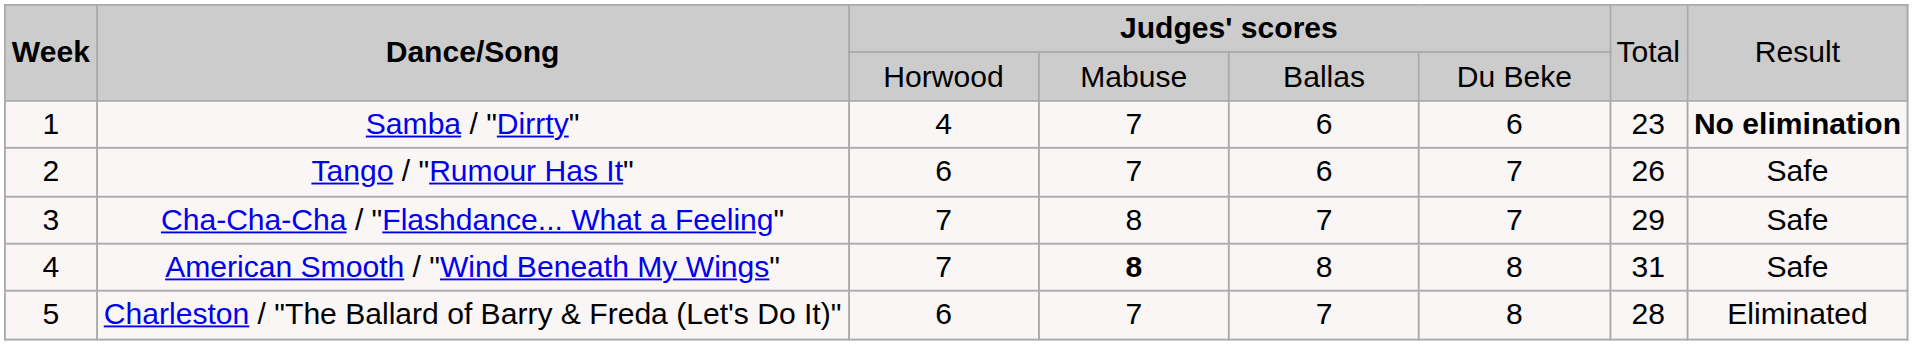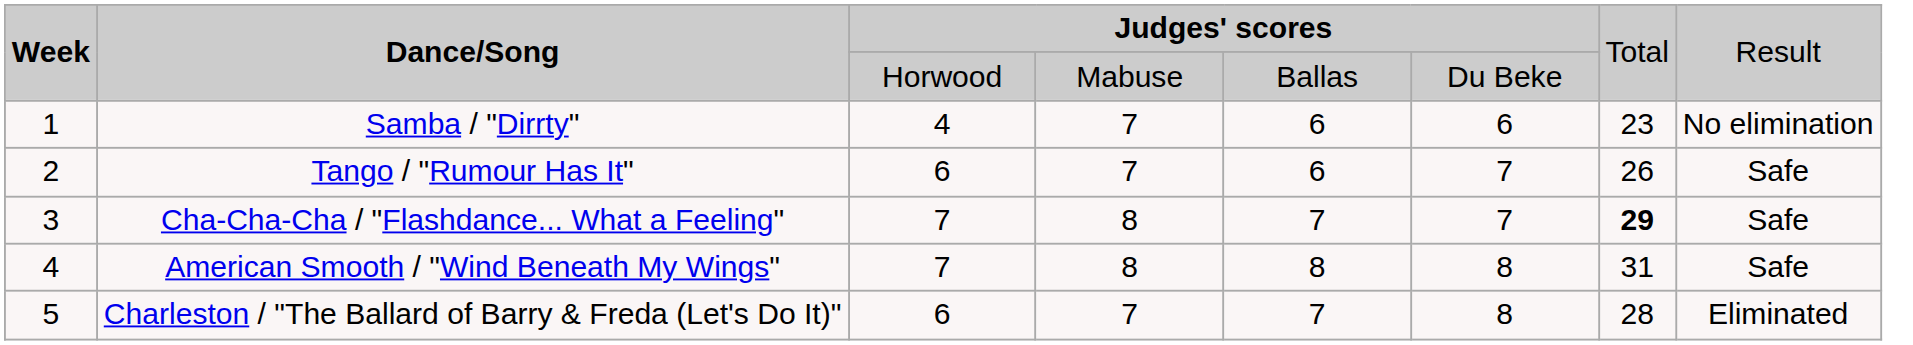 <table | class="wikitable collapsible collapsed">
 <tr style="text-align: center; background:#ccc;">
 <td rowspan="2"><strong>Week </strong></td>
 <td rowspan="2"><strong>Dance/Song</strong></td>
 <td colspan="4"><strong>Judges' scores</strong></td>
 <td rowspan="2">Total</td>
 <td rowspan="2">Result</td>
 </tr>
 <tr style="text-align: center; background:#ccc;">
 <td style="width:10%; ">Horwood</td>
 <td style="width:10%; ">Mabuse</td>
 <td style="width:10%; ">Ballas</td>
 <td style="width:10%; ">Du Beke</td>
 </tr>
 <tr style="text-align: center; background:#faf6f6;">
 <td>1</td>
 <td><a href='#'>Samba</a> / "<a href='#'>Dirrty</a>"</td>
 <td>4</td>
 <td>7</td>
 <td>6</td>
 <td>6</td>
 <td>23</td>
-<td><strong>No elimination</strong></td>
+<td>No elimination</td>
 </tr>
 <tr style="text-align: center; background:#faf6f6;">
 <td>2</td>
 <td><a href='#'>Tango</a> / "<a href='#'>Rumour Has It</a>"</td>
 <td>6</td>
 <td>7</td>
 <td>6</td>
 <td>7</td>
 <td>26</td>
 <td>Safe</td>
 </tr>
 <tr style="text-align: center; background:#faf6f6;">
 <td>3</td>
 <td><a href='#'>Cha-Cha-Cha</a> / "<a href='#'>Flashdance... What a Feeling</a>"</td>
 <td>7</td>
 <td>8</td>
 <td>7</td>
 <td>7</td>
-<td>29</td>
+<td><strong>29</strong></td>
 <td>Safe</td>
 </tr>
 <tr style="text-align: center; background:#faf6f6;">
 <td>4</td>
 <td><a href='#'>American Smooth</a> / "<a href='#'>Wind Beneath My Wings</a>"</td>
 <td>7</td>
-<td><strong>8</strong></td>
+<td>8</td>
 <td>8</td>
 <td>8</td>
 <td>31</td>
 <td>Safe</td>
 </tr>
 <tr style="text-align: center; background:#faf6f6;">
 <td>5</td>
 <td><a href='#'>Charleston</a> / "The Ballard of Barry & Freda (Let's Do It)"</td>
 <td>6</td>
 <td>7</td>
 <td>7</td>
 <td>8</td>
 <td>28</td>
 <td>Eliminated</td>
 </tr>
 </table>
